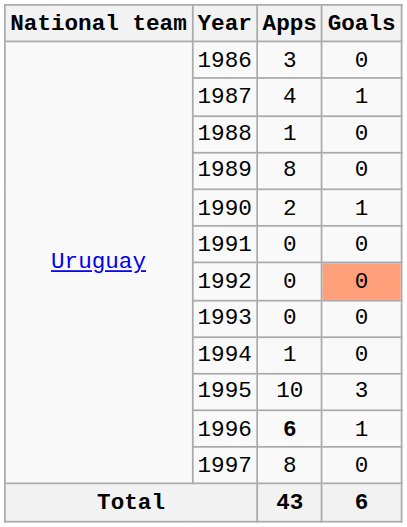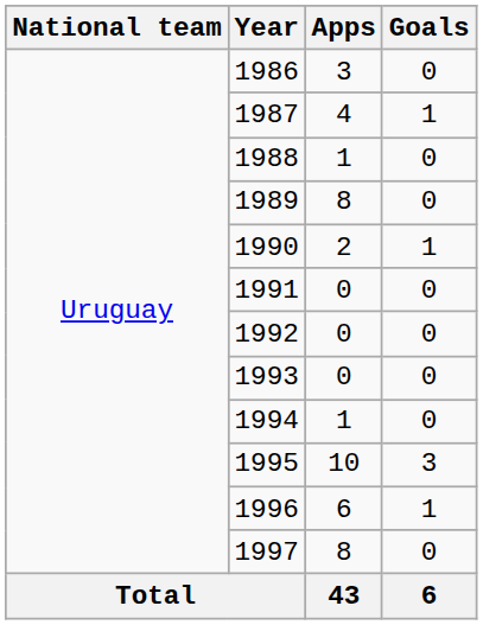 <table class="wikitable" style="text-align:center">
 <tr>
 <th>National team</th>
 <th>Year</th>
 <th>Apps</th>
 <th>Goals</th>
 </tr>
 <tr>
 <td rowspan="12"><a href='#'>Uruguay</a></td>
 <td>1986</td>
 <td>3</td>
 <td>0</td>
 </tr>
 <tr>
 <td>1987</td>
 <td>4</td>
 <td>1</td>
 </tr>
 <tr>
 <td>1988</td>
 <td>1</td>
 <td>0</td>
 </tr>
 <tr>
 <td>1989</td>
 <td>8</td>
 <td>0</td>
 </tr>
 <tr>
 <td>1990</td>
 <td>2</td>
 <td>1</td>
 </tr>
 <tr>
 <td>1991</td>
 <td>0</td>
 <td>0</td>
 </tr>
 <tr>
 <td>1992</td>
 <td>0</td>
-<td style="background: lightsalmon;">0</td>
+<td>0</td>
 </tr>
 <tr>
 <td>1993</td>
 <td>0</td>
 <td>0</td>
 </tr>
 <tr>
 <td>1994</td>
 <td>1</td>
 <td>0</td>
 </tr>
 <tr>
 <td>1995</td>
 <td>10</td>
 <td>3</td>
 </tr>
 <tr>
 <td>1996</td>
-<td><strong>6</strong></td>
+<td>6</td>
 <td>1</td>
 </tr>
 <tr>
 <td>1997</td>
 <td>8</td>
 <td>0</td>
 </tr>
 <tr>
 <th colspan="2">Total</th>
 <th>43</th>
 <th>6</th>
 </tr>
 </table>
